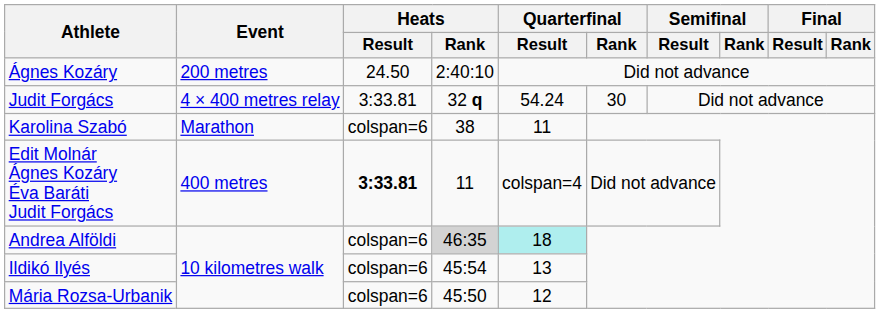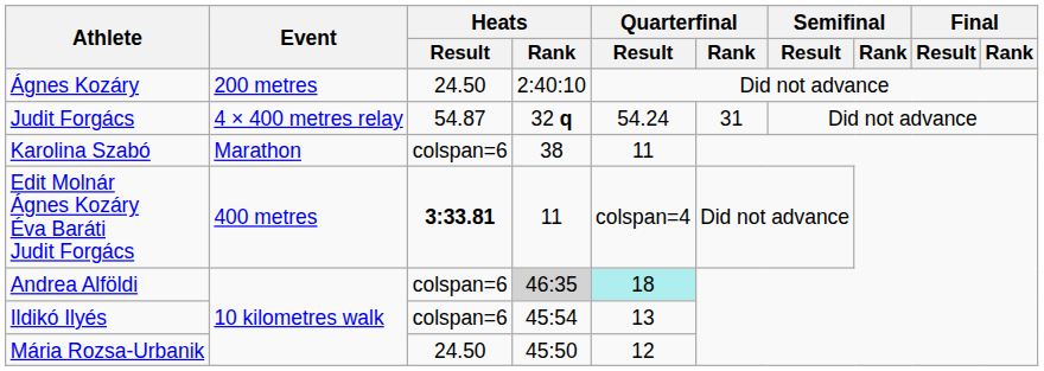 <table class="wikitable" style="font-size:90%">
 <tr>
 <th rowspan="2">Athlete</th>
 <th rowspan="2">Event</th>
 <th colspan="2">Heats</th>
 <th colspan="2">Quarterfinal</th>
 <th colspan="2">Semifinal</th>
 <th colspan="2">Final</th>
 </tr>
 <tr style="font-size:95%">
 <th>Result</th>
 <th>Rank</th>
 <th>Result</th>
 <th>Rank</th>
 <th>Result</th>
 <th>Rank</th>
 <th>Result</th>
 <th>Rank</th>
 </tr>
 <tr align=center>
 <td align=left><a href='#'>Ágnes Kozáry</a></td>
 <td align=left><a href='#'>200 metres</a></td>
 <td>24.50</td>
 <td>2:40:10</td>
 <td colspan=6>Did not advance</td>
 </tr>
 <tr align=center>
 <td align=left><a href='#'>Judit Forgács</a></td>
 <td align=left><a href='#'>4 × 400 metres relay</a></td>
-<td>3:33.81</td>
+<td>54.87</td>
 <td>32 <strong>q</strong></td>
 <td>54.24</td>
-<td>30</td>
+<td>31</td>
 <td colspan=4>Did not advance</td>
 </tr>
 <tr align=center>
 <td align=left><a href='#'>Karolina Szabó</a></td>
 <td align=left><a href='#'>Marathon</a></td>
 <td>colspan=6</td>
 <td>38</td>
 <td>11</td>
 </tr>
 <tr align=center>
 <td align=left><a href='#'>Edit Molnár</a><br><a href='#'>Ágnes Kozáry</a><br><a href='#'>Éva Baráti</a><br><a href='#'>Judit Forgács</a></td>
 <td align=left><a href='#'>400 metres</a></td>
 <td><strong>3:33.81</strong></td>
 <td>11</td>
 <td>colspan=4</td>
 <td colspan=2>Did not advance</td>
 </tr>
 <tr align=center>
 <td align=left><a href='#'>Andrea Alföldi</a></td>
 <td align=left rowspan=3><a href='#'>10 kilometres walk</a></td>
 <td>colspan=6</td>
 <td style="background: lightgrey;">46:35</td>
 <td style="background: paleturquoise;">18</td>
 </tr>
 <tr align=center>
 <td align=left><a href='#'>Ildikó Ilyés</a></td>
 <td>colspan=6</td>
 <td>45:54</td>
 <td>13</td>
 </tr>
 <tr align=center>
 <td align=left><a href='#'>Mária Rozsa-Urbanik</a></td>
-<td>colspan=6</td>
+<td>24.50</td>
 <td>45:50</td>
 <td>12</td>
 </tr>
 </table>
